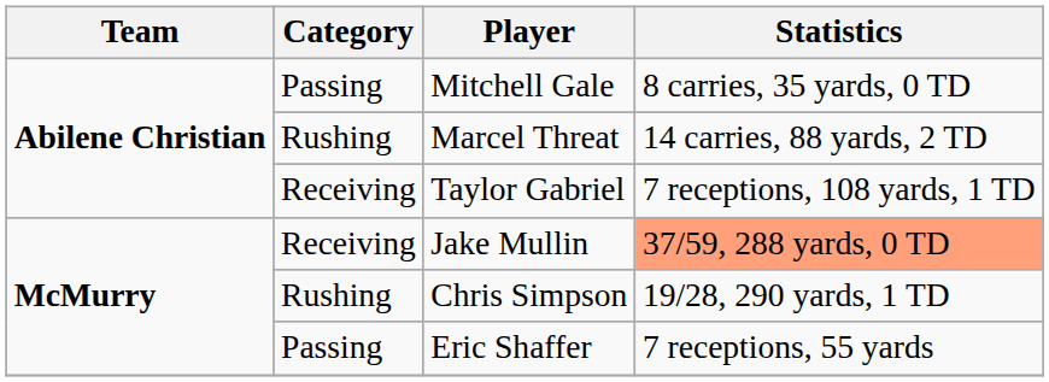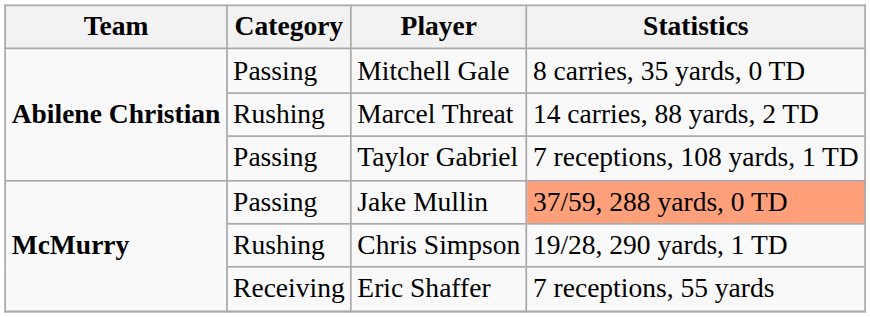 <table class="wikitable" style="float: right;">
 <tr>
 <th>Team</th>
 <th>Category</th>
 <th>Player</th>
 <th>Statistics</th>
 </tr>
 <tr>
 <td rowspan=3><strong>Abilene Christian</strong></td>
 <td>Passing</td>
 <td>Mitchell Gale</td>
 <td>8 carries, 35 yards, 0 TD</td>
 </tr>
 <tr>
 <td>Rushing</td>
 <td>Marcel Threat</td>
 <td>14 carries, 88 yards, 2 TD</td>
 </tr>
 <tr>
-<td>Receiving</td>
+<td>Passing</td>
 <td>Taylor Gabriel</td>
 <td>7 receptions, 108 yards, 1 TD</td>
 </tr>
 <tr>
 <td rowspan=3><strong>McMurry</strong></td>
-<td>Receiving</td>
+<td>Passing</td>
 <td>Jake Mullin</td>
 <td style="background: lightsalmon;">37/59, 288 yards, 0 TD</td>
 </tr>
 <tr>
 <td>Rushing</td>
 <td>Chris Simpson</td>
 <td>19/28, 290 yards, 1 TD</td>
 </tr>
 <tr>
-<td>Passing</td>
+<td>Receiving</td>
 <td>Eric Shaffer</td>
 <td>7 receptions, 55 yards</td>
 </tr>
 <tr>
 </tr>
 </table>
